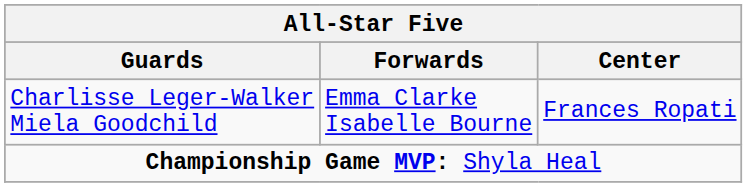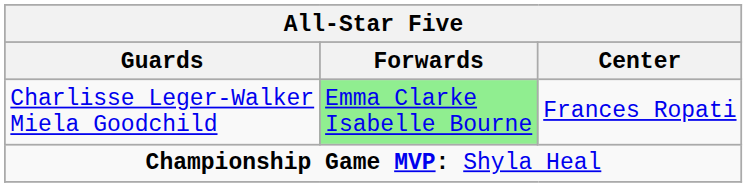 <table class=wikitable>
 <tr>
 <th colspan=3 align=center>All-Star Five</th>
 </tr>
 <tr>
 <th>Guards</th>
 <th>Forwards</th>
 <th>Center</th>
 </tr>
 <tr>
 <td> <a href='#'>Charlisse Leger-Walker</a><br> <a href='#'>Miela Goodchild</a></td>
-<td valign=center> <a href='#'>Emma Clarke</a><br> <a href='#'>Isabelle Bourne</a></td>
+<td valign=center style="background: lightgreen;"> <a href='#'>Emma Clarke</a><br> <a href='#'>Isabelle Bourne</a></td>
 <td> <a href='#'>Frances Ropati</a></td>
 </tr>
 <tr>
 <td colspan=3 align=center><strong>Championship Game <a href='#'>MVP</a>:</strong>  <a href='#'>Shyla Heal</a></td>
 </tr>
 </table>
